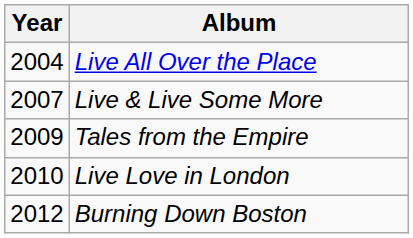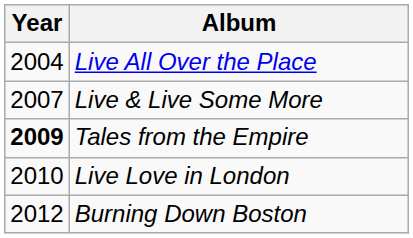 <table class="wikitable" style="text-align:center;">
 <tr>
 <th>Year</th>
 <th style="width:219px;">Album</th>
 </tr>
 <tr>
 <td>2004</td>
 <td style="text-align:left;"><em><a href='#'>Live All Over the Place</a></em></td>
 </tr>
 <tr>
 <td>2007</td>
 <td style="text-align:left;"><em>Live & Live Some More</em></td>
 </tr>
 <tr>
-<td>2009</td>
+<td><strong>2009</strong></td>
 <td style="text-align:left;"><em>Tales from the Empire</em></td>
 </tr>
 <tr>
 <td>2010</td>
 <td style="text-align:left;"><em>Live Love in London</em></td>
 </tr>
 <tr>
 <td>2012</td>
 <td style="text-align:left;"><em>Burning Down Boston</em></td>
 </tr>
 </table>
